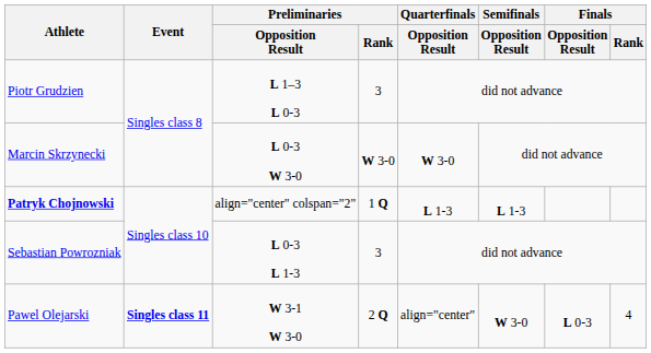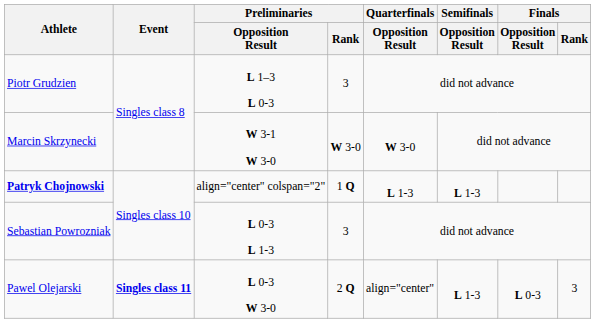 <table class=wikitable>
 <tr>
 <th rowspan="2">Athlete</th>
 <th rowspan="2">Event</th>
 <th colspan="2">Preliminaries</th>
 <th>Quarterfinals</th>
 <th>Semifinals</th>
 <th colspan="2">Finals</th>
 </tr>
 <tr>
 <th>Opposition<br>Result</th>
 <th>Rank</th>
 <th>Opposition<br>Result</th>
 <th>Opposition<br>Result</th>
 <th>Opposition<br>Result</th>
 <th>Rank</th>
 </tr>
 <tr>
 <td><a href='#'>Piotr Grudzien</a></td>
 <td rowspan="2"><a href='#'>Singles class 8</a></td>
 <td align="center"><br><strong>L</strong> 1–3<br><br><strong>L</strong> 0-3</td>
 <td align="center">3</td>
 <td align="center" colspan=4>did not advance</td>
 </tr>
 <tr>
 <td><a href='#'>Marcin Skrzynecki</a></td>
-<td align="center"><br><strong>L</strong> 0-3<br><br><strong>W</strong> 3-0</td>
+<td align="center"><br><strong>W</strong> 3-1<br><br><strong>W</strong> 3-0</td>
 <td align="center"><br><strong>W</strong> 3-0</td>
 <td align="center"><br><strong>W</strong> 3-0</td>
 <td align="center" colspan=3>did not advance</td>
 </tr>
 <tr>
 <td><strong><a href='#'>Patryk Chojnowski</a></strong></td>
 <td rowspan="2"><a href='#'>Singles class 10</a></td>
 <td>align="center" colspan="2" </td>
 <td align="center">1 <strong>Q</strong></td>
 <td align="center"><br><strong>L</strong> 1-3</td>
 <td align="center"><br><strong>L</strong> 1-3</td>
 <td align="center"></td>
 </tr>
 <tr>
 <td><a href='#'>Sebastian Powrozniak</a></td>
 <td align="center"><br><strong>L</strong> 0-3<br><br><strong>L</strong> 1-3</td>
 <td align="center">3</td>
 <td align="center" colspan=4>did not advance</td>
 </tr>
 <tr>
 <td><a href='#'>Pawel Olejarski</a></td>
 <td><strong><a href='#'>Singles class 11</a></strong></td>
-<td align="center"><br><strong>W</strong> 3-1<br><br><strong>W</strong> 3-0</td>
+<td align="center"><br><strong>L</strong> 0-3<br><br><strong>W</strong> 3-0</td>
 <td align="center">2 <strong>Q</strong></td>
 <td>align="center" </td>
-<td align="center"><br><strong>W</strong> 3-0</td>
+<td align="center"><br><strong>L</strong> 1-3</td>
 <td align="center"><br><strong>L</strong> 0-3</td>
-<td align="center">4</td>
+<td align="center">3</td>
 </tr>
 </table>
